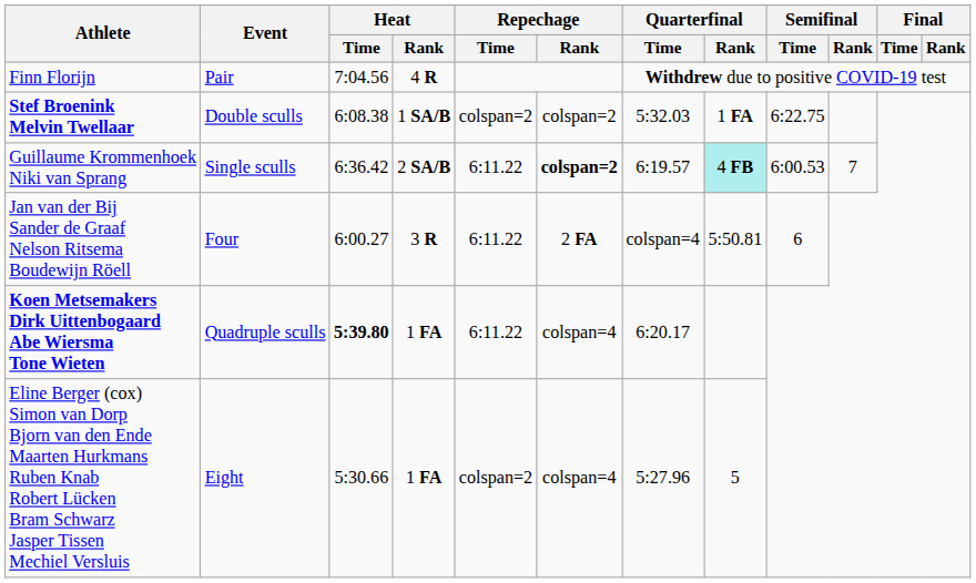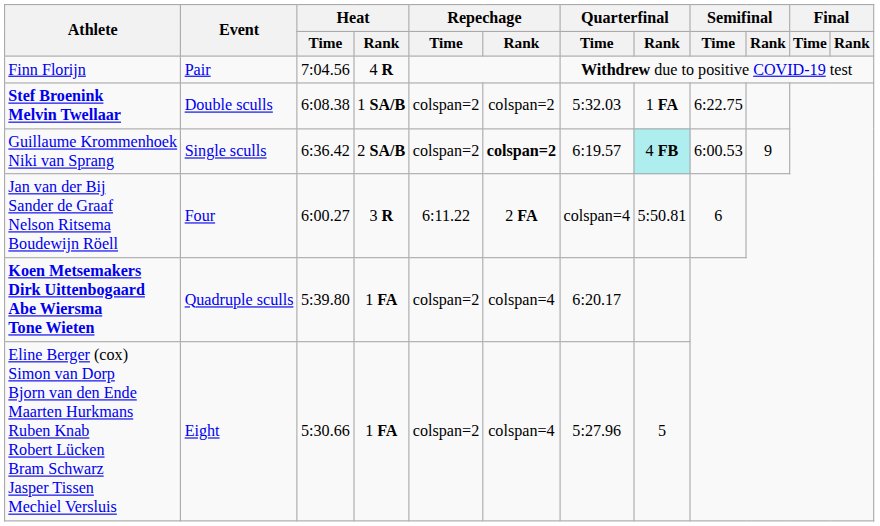 <table class="wikitable" style="font-size:90%">
 <tr>
 <th rowspan="2">Athlete</th>
 <th rowspan="2">Event</th>
 <th colspan="2">Heat</th>
 <th colspan="2">Repechage</th>
 <th colspan="2">Quarterfinal</th>
 <th colspan="2">Semifinal</th>
 <th colspan="2">Final</th>
 </tr>
 <tr style="font-size:95%">
 <th>Time</th>
 <th>Rank</th>
 <th>Time</th>
 <th>Rank</th>
 <th>Time</th>
 <th>Rank</th>
 <th>Time</th>
 <th>Rank</th>
 <th>Time</th>
 <th>Rank</th>
 </tr>
 <tr align=center>
 <td align=left><a href='#'>Finn Florijn</a></td>
 <td align=left><a href='#'>Pair</a></td>
 <td>7:04.56</td>
 <td>4 <strong>R</strong></td>
 <td colspan=2></td>
 <td colspan=6><strong>Withdrew</strong> due to positive <a href='#'>COVID-19</a> test</td>
 </tr>
 <tr align=center>
 <td align=left><strong><a href='#'>Stef Broenink</a><br><a href='#'>Melvin Twellaar</a></strong></td>
 <td align=left><a href='#'>Double sculls</a></td>
 <td>6:08.38 </td>
 <td>1 <strong>SA/B</strong></td>
 <td>colspan=2 </td>
 <td>colspan=2 </td>
 <td>5:32.03</td>
 <td>1 <strong>FA</strong></td>
 <td>6:22.75</td>
 <td></td>
 </tr>
 <tr align=center>
 <td align=left><a href='#'>Guillaume Krommenhoek</a><br><a href='#'>Niki van Sprang</a></td>
 <td align=left><a href='#'>Single sculls</a></td>
 <td>6:36.42</td>
 <td>2 <strong>SA/B</strong></td>
-<td>6:11.22</td>
+<td>colspan=2 </td>
 <td><strong>colspan=2 </strong></td>
 <td>6:19.57</td>
 <td style="background: paleturquoise;">4 <strong>FB</strong></td>
 <td>6:00.53</td>
-<td>7</td>
+<td>9</td>
 </tr>
 <tr align=center>
 <td align=left><a href='#'>Jan van der Bij</a><br><a href='#'>Sander de Graaf</a><br><a href='#'>Nelson Ritsema</a><br><a href='#'>Boudewijn Röell</a></td>
 <td align=left><a href='#'>Four</a></td>
 <td>6:00.27</td>
 <td>3 <strong>R</strong></td>
 <td>6:11.22</td>
 <td>2 <strong>FA</strong></td>
 <td>colspan=4 </td>
 <td>5:50.81</td>
 <td>6</td>
 </tr>
 <tr align=center>
 <td align=left><strong><a href='#'>Koen Metsemakers</a><br><a href='#'>Dirk Uittenbogaard</a><br><a href='#'>Abe Wiersma</a><br><a href='#'>Tone Wieten</a></strong></td>
 <td align=left><a href='#'>Quadruple sculls</a></td>
-<td><strong>5:39.80</strong></td>
+<td>5:39.80</td>
 <td>1 <strong>FA</strong></td>
-<td>6:11.22</td>
+<td>colspan=2 </td>
 <td>colspan=4 </td>
 <td>6:20.17</td>
 <td></td>
 </tr>
 <tr align=center>
 <td align=left><a href='#'>Eline Berger</a> (cox)<br><a href='#'>Simon van Dorp</a><br><a href='#'>Bjorn van den Ende</a><br><a href='#'>Maarten Hurkmans</a><br><a href='#'>Ruben Knab</a><br><a href='#'>Robert Lücken</a><br><a href='#'>Bram Schwarz</a><br><a href='#'>Jasper Tissen</a><br><a href='#'>Mechiel Versluis</a></td>
 <td align=left><a href='#'>Eight</a></td>
 <td>5:30.66</td>
 <td>1 <strong>FA</strong></td>
 <td>colspan=2 </td>
 <td>colspan=4 </td>
 <td>5:27.96</td>
 <td>5</td>
 </tr>
 </table>
